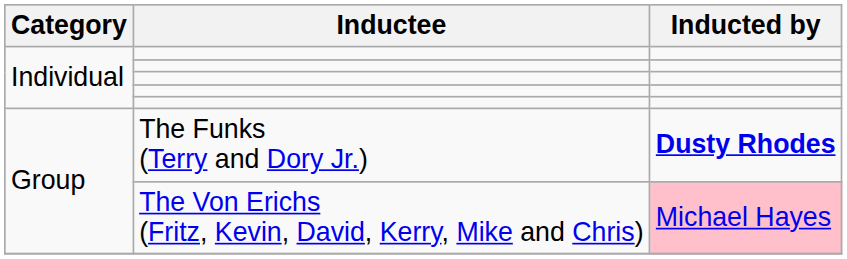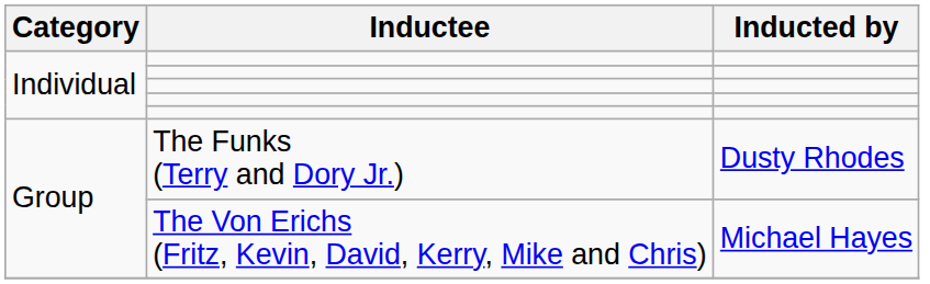 <table class="wikitable">
 <tr>
 <th>Category</th>
 <th>Inductee</th>
 <th>Inducted by</th>
 </tr>
 <tr>
 <td rowspan="5">Individual</td>
 <td></td>
 <td></td>
 </tr>
 <tr>
 <td></td>
 <td></td>
 </tr>
 <tr>
 <td></td>
 <td></td>
 </tr>
 <tr>
 <td></td>
 <td></td>
 </tr>
 <tr>
 <td><strong></strong></td>
 <td></td>
 </tr>
 <tr>
 <td rowspan="2">Group</td>
 <td>The Funks<br>(<a href='#'>Terry</a> and <a href='#'>Dory Jr.</a>)</td>
-<td><strong><a href='#'>Dusty Rhodes</a></strong></td>
+<td><a href='#'>Dusty Rhodes</a></td>
 </tr>
 <tr>
 <td><a href='#'>The Von Erichs</a><br>(<a href='#'>Fritz</a>, <a href='#'>Kevin</a>, <a href='#'>David</a>, <a href='#'>Kerry</a>, <a href='#'>Mike</a> and <a href='#'>Chris</a>)</td>
-<td style="background: pink;"><a href='#'>Michael Hayes</a></td>
+<td><a href='#'>Michael Hayes</a></td>
 </tr>
 <tr>
 </tr>
 </table>
